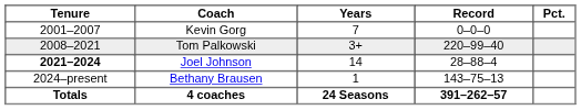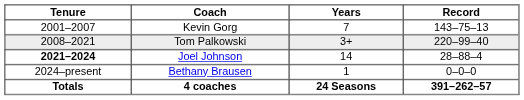 <table cellpadding="1" border="1" cellspacing="0" width="60%">
 <tr>
 <th>Tenure</th>
 <th>Coach</th>
 <th>Years</th>
 <th>Record</th>
-<th>Pct.</th>
 </tr>
 <tr style="text-align:center;">
 <td>2001–2007</td>
 <td>Kevin Gorg</td>
 <td>7</td>
-<td>0–0–0</td>
-<td></td>
+<td>143–75–13</td>
 </tr>
 <tr style="text-align:center;" bgcolor=#eeeeee>
 <td>2008–2021</td>
 <td>Tom Palkowski</td>
 <td>3+</td>
 <td>220–99–40</td>
-<td></td>
 </tr>
 <tr style="text-align:center;">
 <td><strong>2021–2024</strong></td>
 <td><a href='#'>Joel Johnson</a></td>
 <td>14</td>
 <td>28–88–4</td>
-<td></td>
 </tr>
 <tr style="text-align:center;">
 <td>2024–present</td>
 <td><a href='#'>Bethany Brausen</a></td>
 <td>1</td>
-<td>143–75–13</td>
-<td></td>
+<td>0–0–0</td>
 </tr>
 <tr style="text-align:center;">
 <th>Totals</th>
 <th>4 coaches</th>
 <th>24 Seasons</th>
 <th>391–262–57</th>
-<th></th>
 </tr>
 </table>
